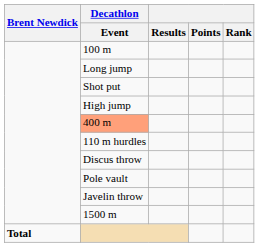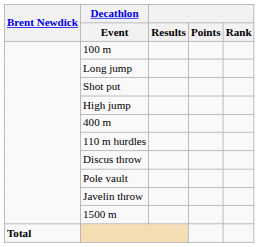 <table class=wikitable style="font-size:90%;">
 <tr>
 <th rowspan="2"><strong><a href='#'>Brent Newdick</a></strong></th>
 <th><a href='#'>Decathlon</a></th>
 <th colspan="3"></th>
 </tr>
 <tr>
 <th>Event</th>
 <th>Results</th>
 <th>Points</th>
 <th>Rank</th>
 </tr>
 <tr style="border-top: single;">
 <td rowspan="10"></td>
 <td>100 m</td>
 <td align=center></td>
 <td align=center></td>
 <td align=center></td>
 </tr>
 <tr>
 <td>Long jump</td>
 <td align=center></td>
 <td align=center></td>
 <td align=center></td>
 </tr>
 <tr>
 <td>Shot put</td>
 <td align=center></td>
 <td align=center></td>
 <td align=center></td>
 </tr>
 <tr>
 <td>High jump</td>
 <td align=center></td>
 <td align=center></td>
 <td align=center></td>
 </tr>
 <tr>
-<td style="background: lightsalmon;">400 m</td>
+<td>400 m</td>
 <td align=center></td>
 <td align=center></td>
 <td align=center></td>
 </tr>
 <tr>
 <td>110 m hurdles</td>
 <td align=center></td>
 <td align=center></td>
 <td align=center></td>
 </tr>
 <tr>
 <td>Discus throw</td>
 <td align=center></td>
 <td align=center></td>
 <td align=center></td>
 </tr>
 <tr>
 <td>Pole vault</td>
 <td align=center></td>
 <td align=center></td>
 <td align=center></td>
 </tr>
 <tr>
 <td>Javelin throw</td>
 <td align=center></td>
 <td align=center></td>
 <td align=center></td>
 </tr>
 <tr>
 <td>1500 m</td>
 <td align=center></td>
 <td align=center></td>
 <td align=center></td>
 </tr>
 <tr style="border-top: single;">
 <td><strong>Total</strong></td>
 <td colspan="2" style="background:wheat;"></td>
 <td align=center></td>
 <td align=center></td>
 </tr>
 </table>
